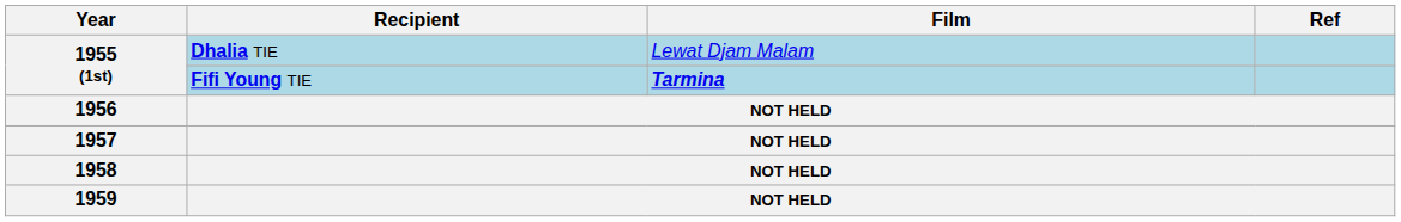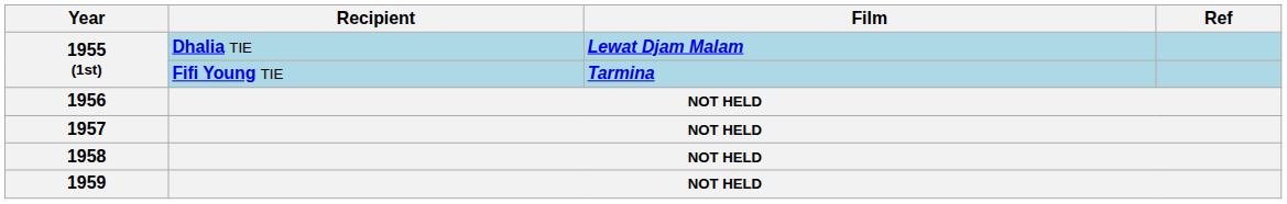 <table class="wikitable plainrowheaders sortable" style="width: 74%;">
 <tr>
 <th scope="col">Year</th>
 <th scope="col">Recipient</th>
 <th scope="col">Film</th>
 <th scope="col" class="unsortable">Ref</th>
 </tr>
 <tr>
 <th scope="row" rowspan="2" style="text-align:center;"><strong>1955</strong><br><small>(1st)</small></th>
 <td scope="row" style="background:lightblue;"><strong><a href='#'>Dhalia</a></strong> <small>TIE</small></td>
-<td style="background:lightblue;"><em><a href='#'>Lewat Djam Malam</a></em></td>
+<td style="background:lightblue;"><strong><em><a href='#'>Lewat Djam Malam</a></em></strong></td>
 <td style="background:lightblue;"></td>
 </tr>
 <tr>
 <td scope="row" style="background:lightblue;"><strong><a href='#'>Fifi Young</a></strong> <small>TIE</small></td>
 <td style="background:lightblue;"><strong><em><a href='#'>Tarmina</a></em></strong></td>
 <td style="background:lightblue;"></td>
 </tr>
 <tr>
 <th scope="row" style="text-align:center;">1956</th>
 <th colspan="3" scope="row"><small>NOT HELD</small></th>
 </tr>
 <tr>
 <th scope="row" style="text-align:center;">1957</th>
 <th colspan="3" scope="row"><small>NOT HELD</small></th>
 </tr>
 <tr>
 <th scope="row" style="text-align:center;">1958</th>
 <th colspan="3" scope="row"><small>NOT HELD</small></th>
 </tr>
 <tr>
 <th scope="row" style="text-align:center;">1959</th>
 <th colspan="3" scope="row"><small>NOT HELD</small></th>
 </tr>
 </table>
